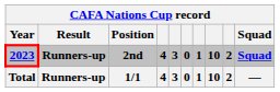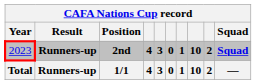 <table class="wikitable" style="text-align: center">
 <tr>
 <th colspan=10><a href='#'>CAFA Nations Cup</a> record</th>
 </tr>
 <tr>
 <th>Year</th>
 <th>Result</th>
 <th>Position</th>
 <th></th>
 <th></th>
 <th></th>
 <th></th>
 <th></th>
 <th></th>
 <th>Squad</th>
 </tr>
 <tr bgcolor=silver>
-<td style="border:3px solid red;"><strong>  <a href='#'>2023</a></strong></td>
+<td style="border:3px solid red;">  <a href='#'>2023</a></td>
 <td><strong>Runners-up</strong></td>
 <td><strong>2nd</strong></td>
 <td><strong>4</strong></td>
 <td><strong>3</strong></td>
 <td><strong>0</strong></td>
 <td><strong>1</strong></td>
 <td><strong>10</strong></td>
 <td><strong>2</strong></td>
 <td><strong><a href='#'>Squad</a></strong></td>
 </tr>
 <tr>
 <th>Total</th>
 <th>Runners-up</th>
 <th>1/1</th>
 <th>4</th>
 <th>3</th>
 <th>0</th>
 <th>1</th>
 <th>10</th>
 <th>2</th>
 <th>—</th>
 </tr>
 </table>
